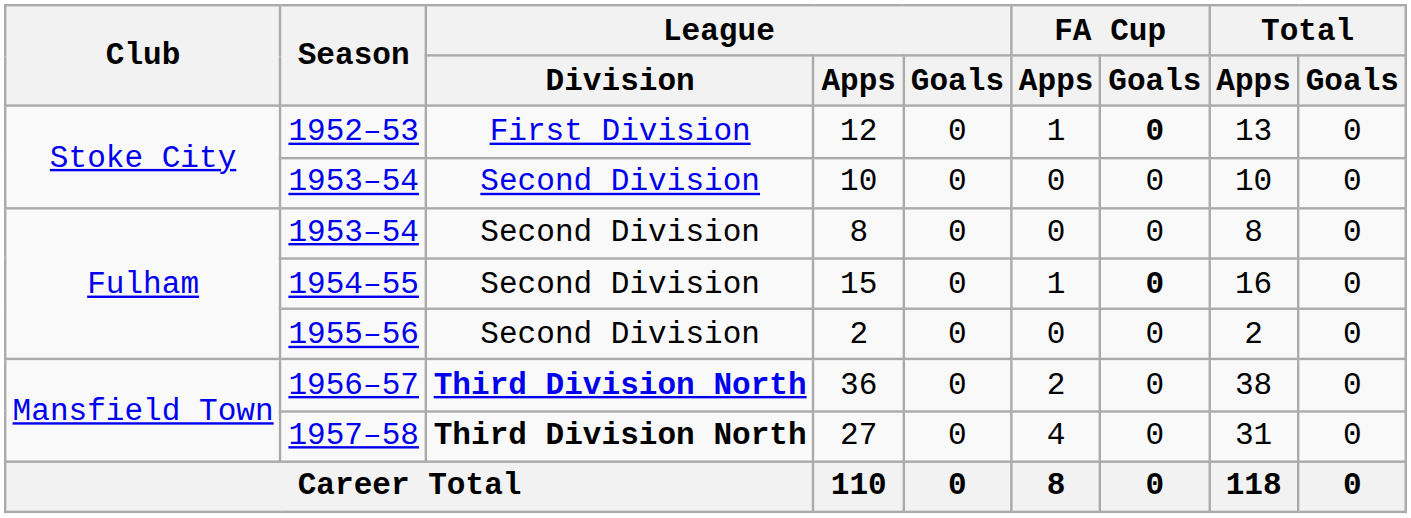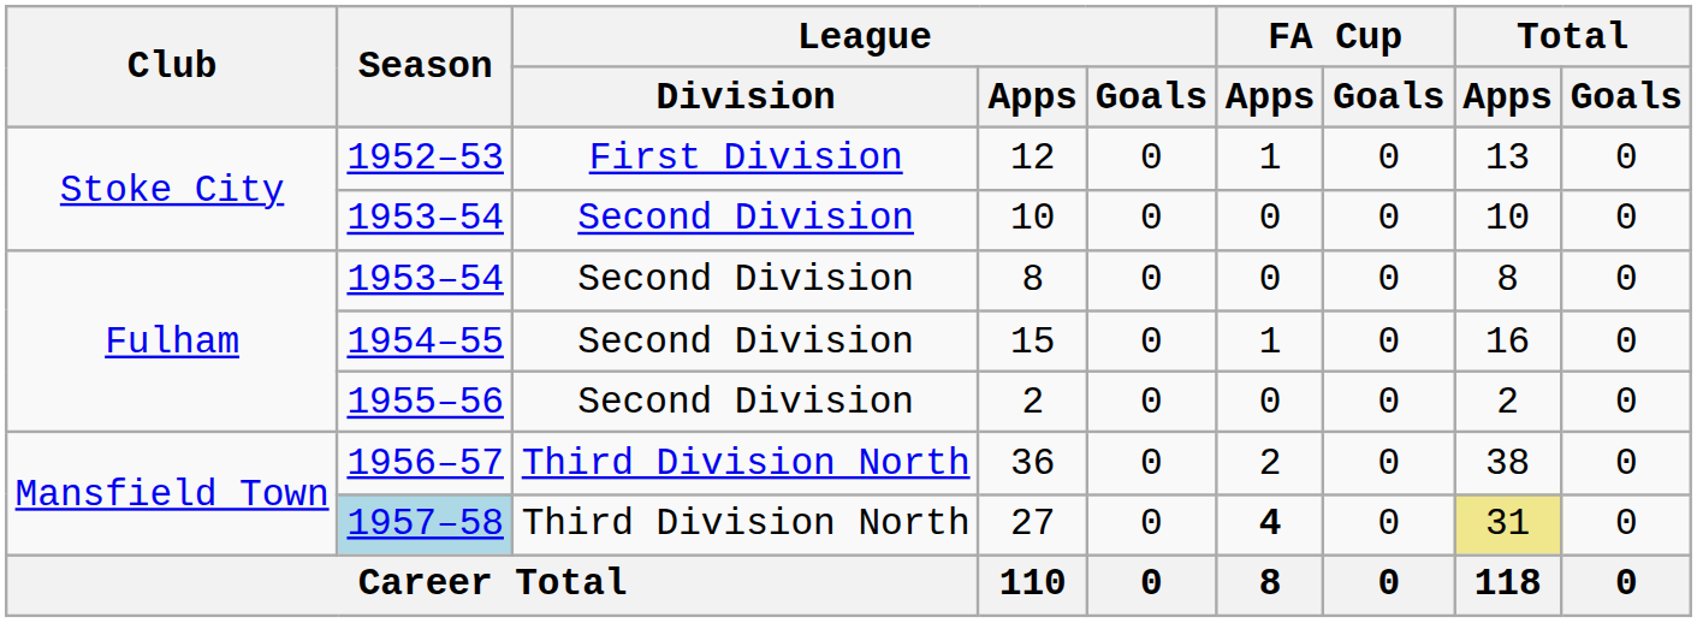 <table class="wikitable" style="text-align: center;">
 <tr>
 <th rowspan="2">Club</th>
 <th rowspan="2">Season</th>
 <th colspan="3">League</th>
 <th colspan="2">FA Cup</th>
 <th colspan="2">Total</th>
 </tr>
 <tr>
 <th>Division</th>
 <th>Apps</th>
 <th>Goals</th>
 <th>Apps</th>
 <th>Goals</th>
 <th>Apps</th>
 <th>Goals</th>
 </tr>
 <tr>
 <td rowspan="2"><a href='#'>Stoke City</a></td>
 <td><a href='#'>1952–53</a></td>
 <td><a href='#'>First Division</a></td>
 <td>12</td>
 <td>0</td>
 <td>1</td>
-<td><strong>0</strong></td>
+<td>0</td>
 <td>13</td>
 <td>0</td>
 </tr>
 <tr>
 <td><a href='#'>1953–54</a></td>
 <td><a href='#'>Second Division</a></td>
 <td>10</td>
 <td>0</td>
 <td>0</td>
 <td>0</td>
 <td>10</td>
 <td>0</td>
 </tr>
 <tr>
 <td rowspan="3"><a href='#'>Fulham</a></td>
 <td><a href='#'>1953–54</a></td>
 <td>Second Division</td>
 <td>8</td>
 <td>0</td>
 <td>0</td>
 <td>0</td>
 <td>8</td>
 <td>0</td>
 </tr>
 <tr>
 <td><a href='#'>1954–55</a></td>
 <td>Second Division</td>
 <td>15</td>
 <td>0</td>
 <td>1</td>
-<td><strong>0</strong></td>
+<td>0</td>
 <td>16</td>
 <td>0</td>
 </tr>
 <tr>
 <td><a href='#'>1955–56</a></td>
 <td>Second Division</td>
 <td>2</td>
 <td>0</td>
 <td>0</td>
 <td>0</td>
 <td>2</td>
 <td>0</td>
 </tr>
 <tr>
 <td rowspan="2"><a href='#'>Mansfield Town</a></td>
 <td><a href='#'>1956–57</a></td>
-<td><strong><a href='#'>Third Division North</a></strong></td>
+<td><a href='#'>Third Division North</a></td>
 <td>36</td>
 <td>0</td>
 <td>2</td>
 <td>0</td>
 <td>38</td>
 <td>0</td>
 </tr>
 <tr>
-<td><a href='#'>1957–58</a></td>
-<td><strong>Third Division North</strong></td>
+<td style="background: lightblue;"><a href='#'>1957–58</a></td>
+<td>Third Division North</td>
 <td>27</td>
 <td>0</td>
-<td>4</td>
+<td><strong>4</strong></td>
 <td>0</td>
-<td>31</td>
+<td style="background: khaki;">31</td>
 <td>0</td>
 </tr>
 <tr>
 <th colspan="3">Career Total</th>
 <th>110</th>
 <th>0</th>
 <th>8</th>
 <th>0</th>
 <th>118</th>
 <th>0</th>
 </tr>
 </table>
